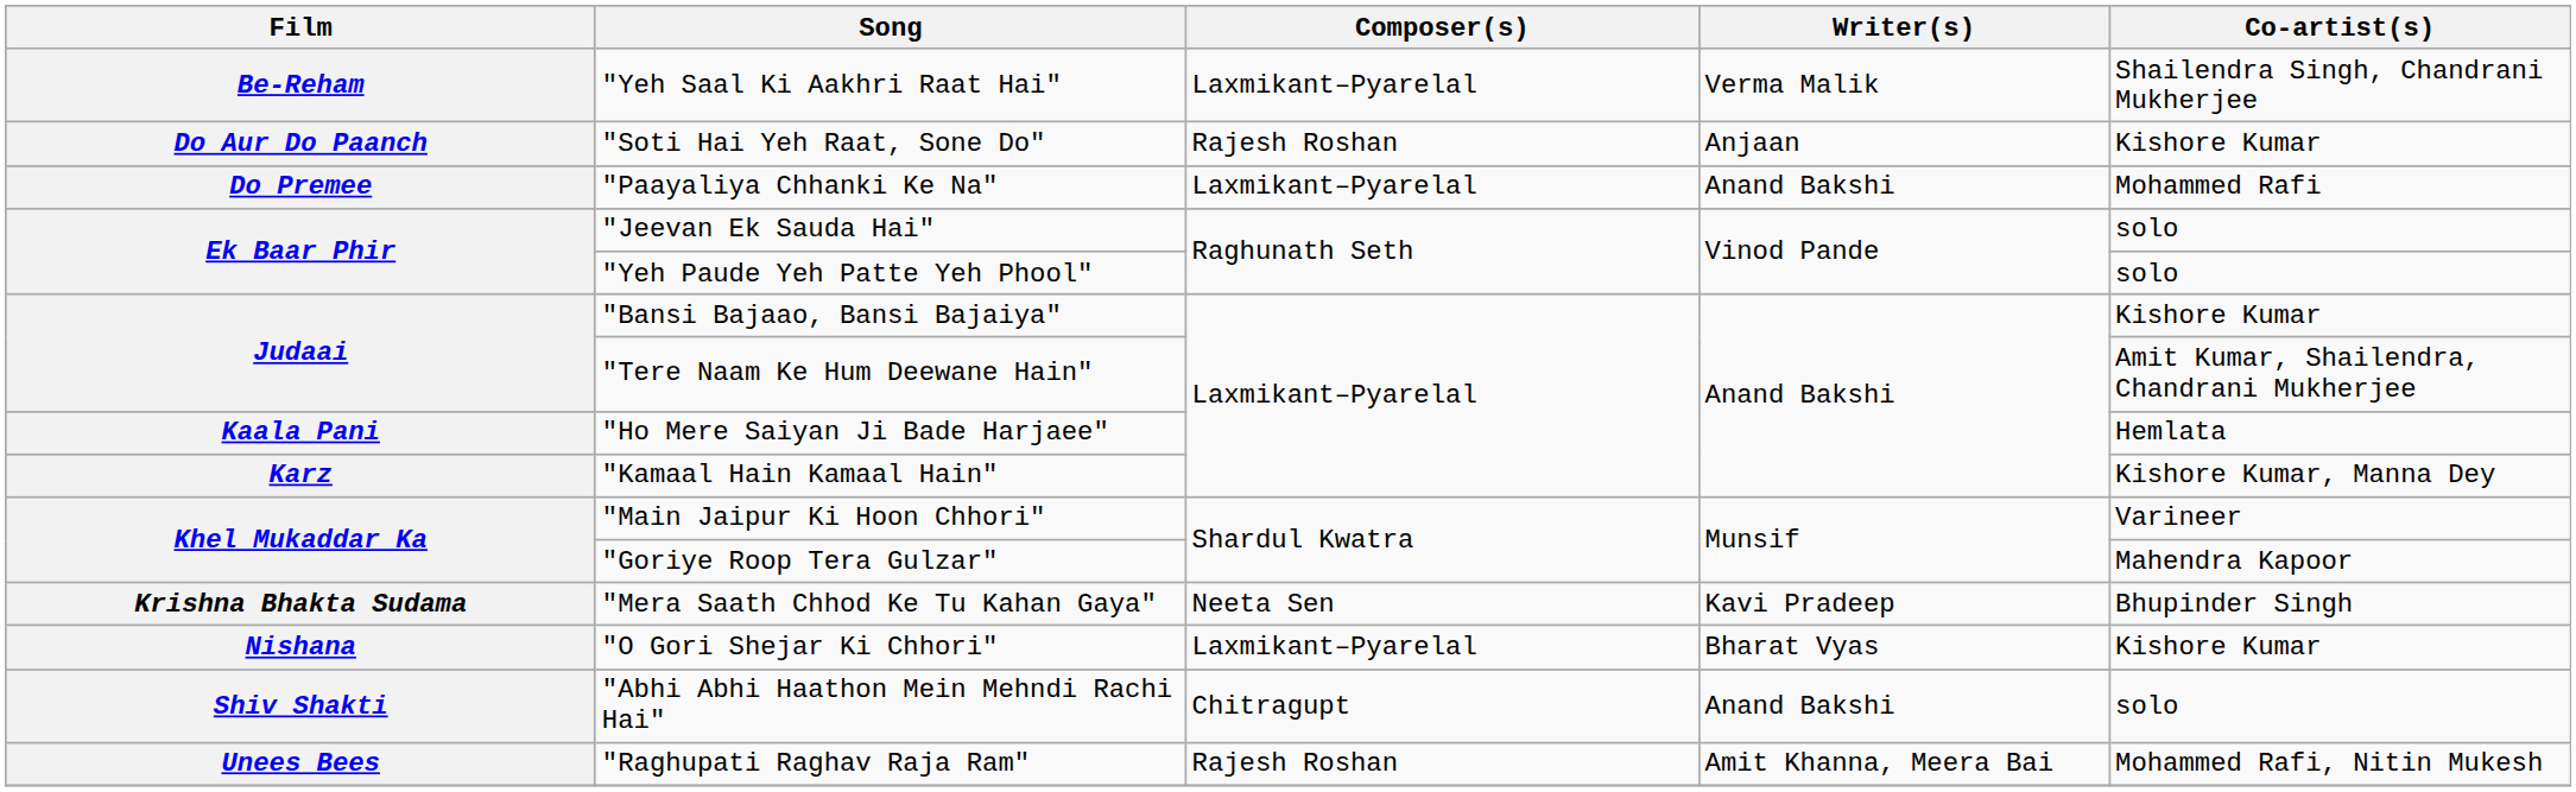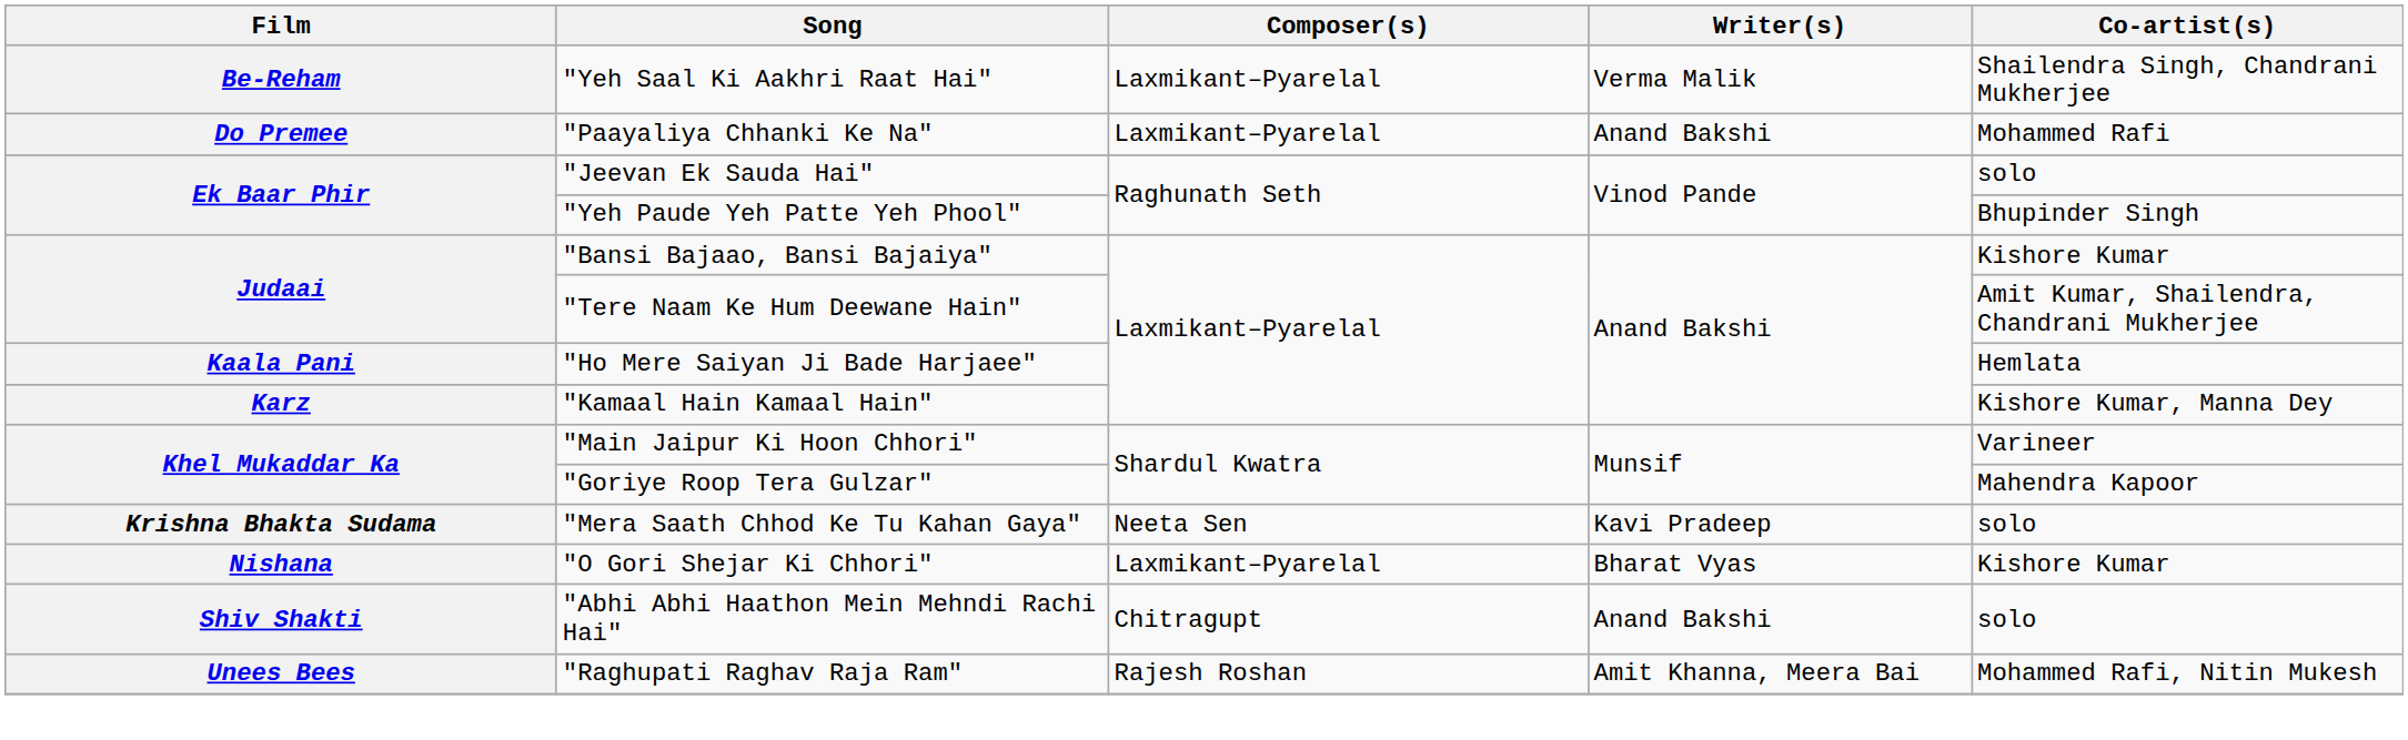 <table class="wikitable plainrowheaders" style="width:100%; textcolor:#000">
 <tr style="background:#b0e0e66;">
 <th scope="col" style="width:23%;"><strong>Film</strong></th>
 <th scope="col" style="width:23%;"><strong>Song</strong></th>
 <th scope="col" style="width:20%;"><strong>Composer(s)</strong></th>
 <th scope="col" style="width:16%;"><strong>Writer(s)</strong></th>
 <th scope="col" style="width:18%;"><strong>Co-artist(s)</strong></th>
 </tr>
 <tr>
 <th><em><a href='#'>Be-Reham</a></em></th>
 <td>"Yeh Saal Ki Aakhri Raat Hai"</td>
 <td>Laxmikant–Pyarelal</td>
 <td>Verma Malik</td>
 <td>Shailendra Singh, Chandrani Mukherjee</td>
-</tr>
-<tr>
-<th><em><a href='#'>Do Aur Do Paanch</a></em></th>
-<td>"Soti Hai Yeh Raat, Sone Do"</td>
-<td>Rajesh Roshan</td>
-<td>Anjaan</td>
-<td>Kishore Kumar</td>
 </tr>
 <tr>
 <th Rowspan=><em><a href='#'>Do Premee</a></em></th>
 <td>"Paayaliya Chhanki Ke Na"</td>
 <td>Laxmikant–Pyarelal</td>
 <td>Anand Bakshi</td>
 <td>Mohammed Rafi</td>
 </tr>
 <tr>
 <th Rowspan=2><em><a href='#'>Ek Baar Phir</a></em></th>
 <td>"Jeevan Ek Sauda Hai"</td>
 <td rowspan=2>Raghunath Seth</td>
 <td rowspan=2>Vinod Pande</td>
 <td>solo</td>
 </tr>
 <tr>
 <td>"Yeh Paude Yeh Patte Yeh Phool"</td>
-<td>solo</td>
+<td>Bhupinder Singh</td>
 </tr>
 <tr>
 <th Rowspan=2><em><a href='#'>Judaai</a></em></th>
 <td>"Bansi Bajaao, Bansi Bajaiya"</td>
 <td rowspan=4>Laxmikant–Pyarelal</td>
 <td rowspan=4>Anand Bakshi</td>
 <td>Kishore Kumar</td>
 </tr>
 <tr>
 <td>"Tere Naam Ke Hum Deewane Hain"</td>
 <td>Amit Kumar, Shailendra, Chandrani Mukherjee</td>
 </tr>
 <tr>
 <th><em><a href='#'>Kaala Pani</a></em></th>
 <td>"Ho Mere Saiyan Ji Bade Harjaee"</td>
 <td>Hemlata</td>
 </tr>
 <tr>
 <th><em><a href='#'>Karz</a></em></th>
 <td>"Kamaal Hain Kamaal Hain"</td>
 <td>Kishore Kumar, Manna Dey</td>
 </tr>
 <tr>
 <th Rowspan=2><em><a href='#'>Khel Mukaddar Ka</a></em></th>
 <td>"Main Jaipur Ki Hoon Chhori"</td>
 <td rowspan=2>Shardul Kwatra</td>
 <td rowspan=2>Munsif</td>
 <td>Varineer</td>
 </tr>
 <tr>
 <td>"Goriye Roop Tera Gulzar"</td>
 <td>Mahendra Kapoor</td>
 </tr>
 <tr>
 <th><em>Krishna Bhakta Sudama</em></th>
 <td>"Mera Saath Chhod Ke Tu Kahan Gaya"</td>
 <td>Neeta Sen</td>
 <td>Kavi Pradeep</td>
-<td>Bhupinder Singh</td>
+<td>solo</td>
 </tr>
 <tr>
 <th><em><a href='#'>Nishana</a></em></th>
 <td>"O Gori Shejar Ki Chhori"</td>
 <td>Laxmikant–Pyarelal</td>
 <td>Bharat Vyas</td>
 <td>Kishore Kumar</td>
 </tr>
 <tr>
 <th><em><a href='#'>Shiv Shakti</a></em></th>
 <td>"Abhi Abhi Haathon Mein Mehndi Rachi Hai"</td>
 <td>Chitragupt</td>
 <td>Anand Bakshi</td>
 <td>solo</td>
 </tr>
 <tr>
 <th><em><a href='#'>Unees Bees</a></em></th>
 <td>"Raghupati Raghav Raja Ram"</td>
 <td>Rajesh Roshan</td>
 <td>Amit Khanna, Meera Bai</td>
 <td>Mohammed Rafi, Nitin Mukesh</td>
 </tr>
 <tr>
 </tr>
 </table>
